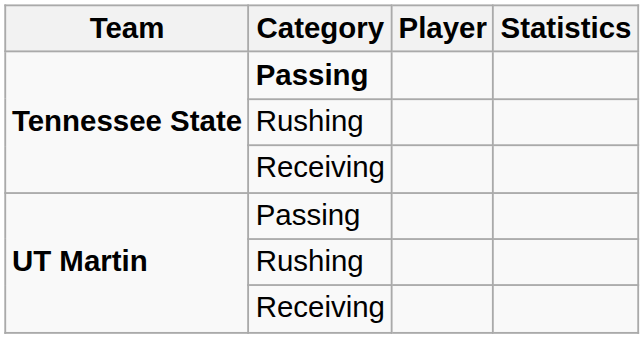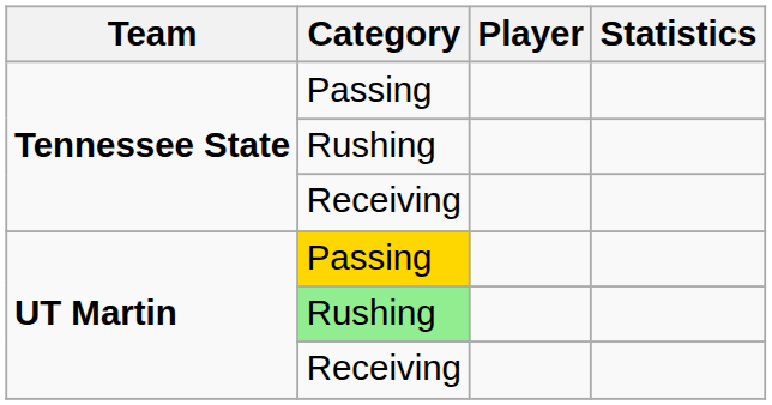 <table class="wikitable" style="float: right;">
 <tr>
 <th>Team</th>
 <th>Category</th>
 <th>Player</th>
 <th>Statistics</th>
 </tr>
 <tr>
 <td rowspan=3><strong>Tennessee State</strong></td>
-<td><strong>Passing</strong></td>
+<td>Passing</td>
 <td></td>
 <td></td>
 </tr>
 <tr>
 <td>Rushing</td>
 <td></td>
 <td></td>
 </tr>
 <tr>
 <td>Receiving</td>
 <td></td>
 <td></td>
 </tr>
 <tr>
 <td rowspan=3><strong>UT Martin</strong></td>
-<td>Passing</td>
+<td style="background: gold;">Passing</td>
 <td></td>
 <td></td>
 </tr>
 <tr>
-<td>Rushing</td>
+<td style="background: lightgreen;">Rushing</td>
 <td></td>
 <td></td>
 </tr>
 <tr>
 <td>Receiving</td>
 <td></td>
 <td></td>
 </tr>
 </table>
